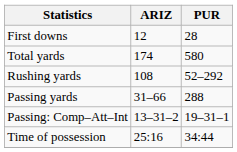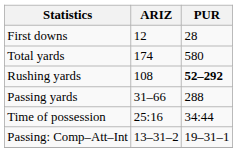 <table class="wikitable" style="float: left;">
 <tr>
 <th>Statistics</th>
 <th>ARIZ</th>
 <th>PUR</th>
 </tr>
 <tr>
 <td>First downs</td>
 <td>12</td>
 <td>28</td>
 </tr>
 <tr>
 <td>Total yards</td>
 <td>174</td>
 <td>580</td>
 </tr>
 <tr>
 <td>Rushing yards</td>
 <td>108</td>
-<td>52–292</td>
+<td><strong>52–292</strong></td>
 </tr>
 <tr>
 <td>Passing yards</td>
 <td>31–66</td>
 <td>288</td>
 </tr>
 <tr>
+<td>Time of possession</td>
+<td>25:16</td>
+<td>34:44</td>
+</tr>
+<tr>
 <td>Passing: Comp–Att–Int</td>
 <td>13–31–2</td>
 <td>19–31–1</td>
 </tr>
 <tr>
-<td>Time of possession</td>
-<td>25:16</td>
-<td>34:44</td>
-</tr>
-<tr>
 </tr>
 </table>
